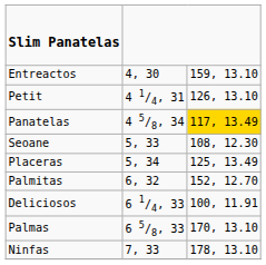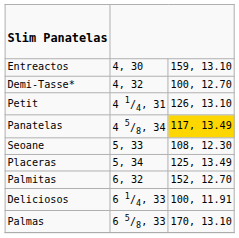 <table class="wikitable" style="font-size: 85%; margin:1em auto;">
 <tr>
 <td><br><h3>Slim Panatelas</h3></td>
 </tr>
 <tr>
 <td>Entreactos</td>
 <td>4, 30</td>
 <td>159, 13.10</td>
+</tr>
+<tr>
+<td>Demi-Tasse*</td>
+<td>4, 32</td>
+<td>100, 12.70</td>
 </tr>
 <tr>
 <td>Petit</td>
 <td>4 <sup>1</sup>/<sub>4</sub>, 31</td>
 <td>126, 13.10</td>
 </tr>
 <tr>
 <td>Panatelas</td>
 <td>4 <sup>5</sup>/<sub>8</sub>, 34</td>
 <td style="background: gold;">117, 13.49</td>
 </tr>
 <tr>
 <td>Seoane</td>
 <td>5, 33</td>
 <td>108, 12.30</td>
 </tr>
 <tr>
 <td>Placeras</td>
 <td>5, 34</td>
 <td>125, 13.49</td>
 </tr>
 <tr>
 <td>Palmitas</td>
 <td>6, 32</td>
 <td>152, 12.70</td>
 </tr>
 <tr>
 <td>Deliciosos</td>
 <td>6 <sup>1</sup>/<sub>4</sub>, 33</td>
 <td>100, 11.91</td>
 </tr>
 <tr>
 <td>Palmas</td>
 <td>6 <sup>5</sup>/<sub>8</sub>, 33</td>
 <td>170, 13.10</td>
 </tr>
 <tr>
-<td>Ninfas</td>
-<td>7, 33</td>
-<td>178, 13.10</td>
-</tr>
-<tr>
 </tr>
 </table>
